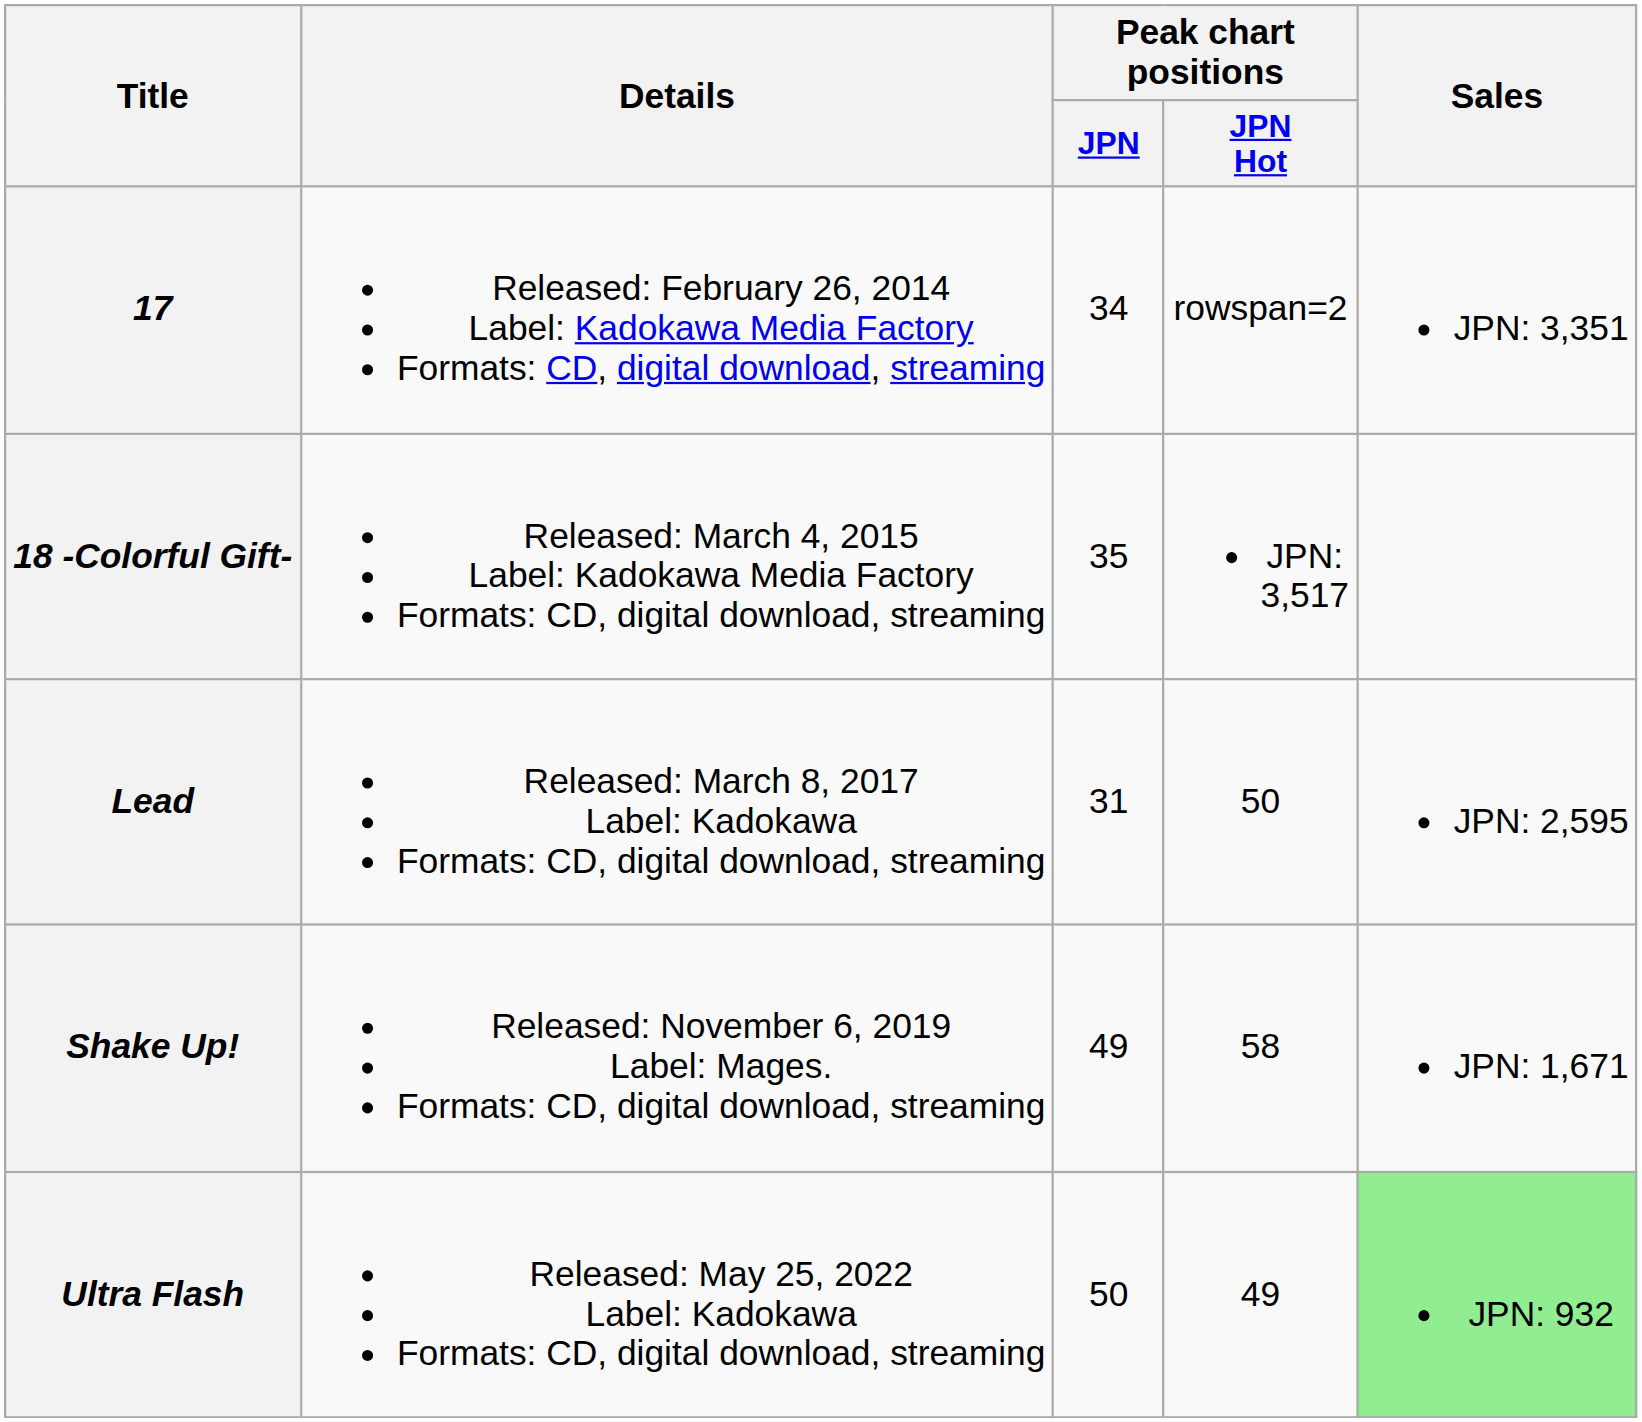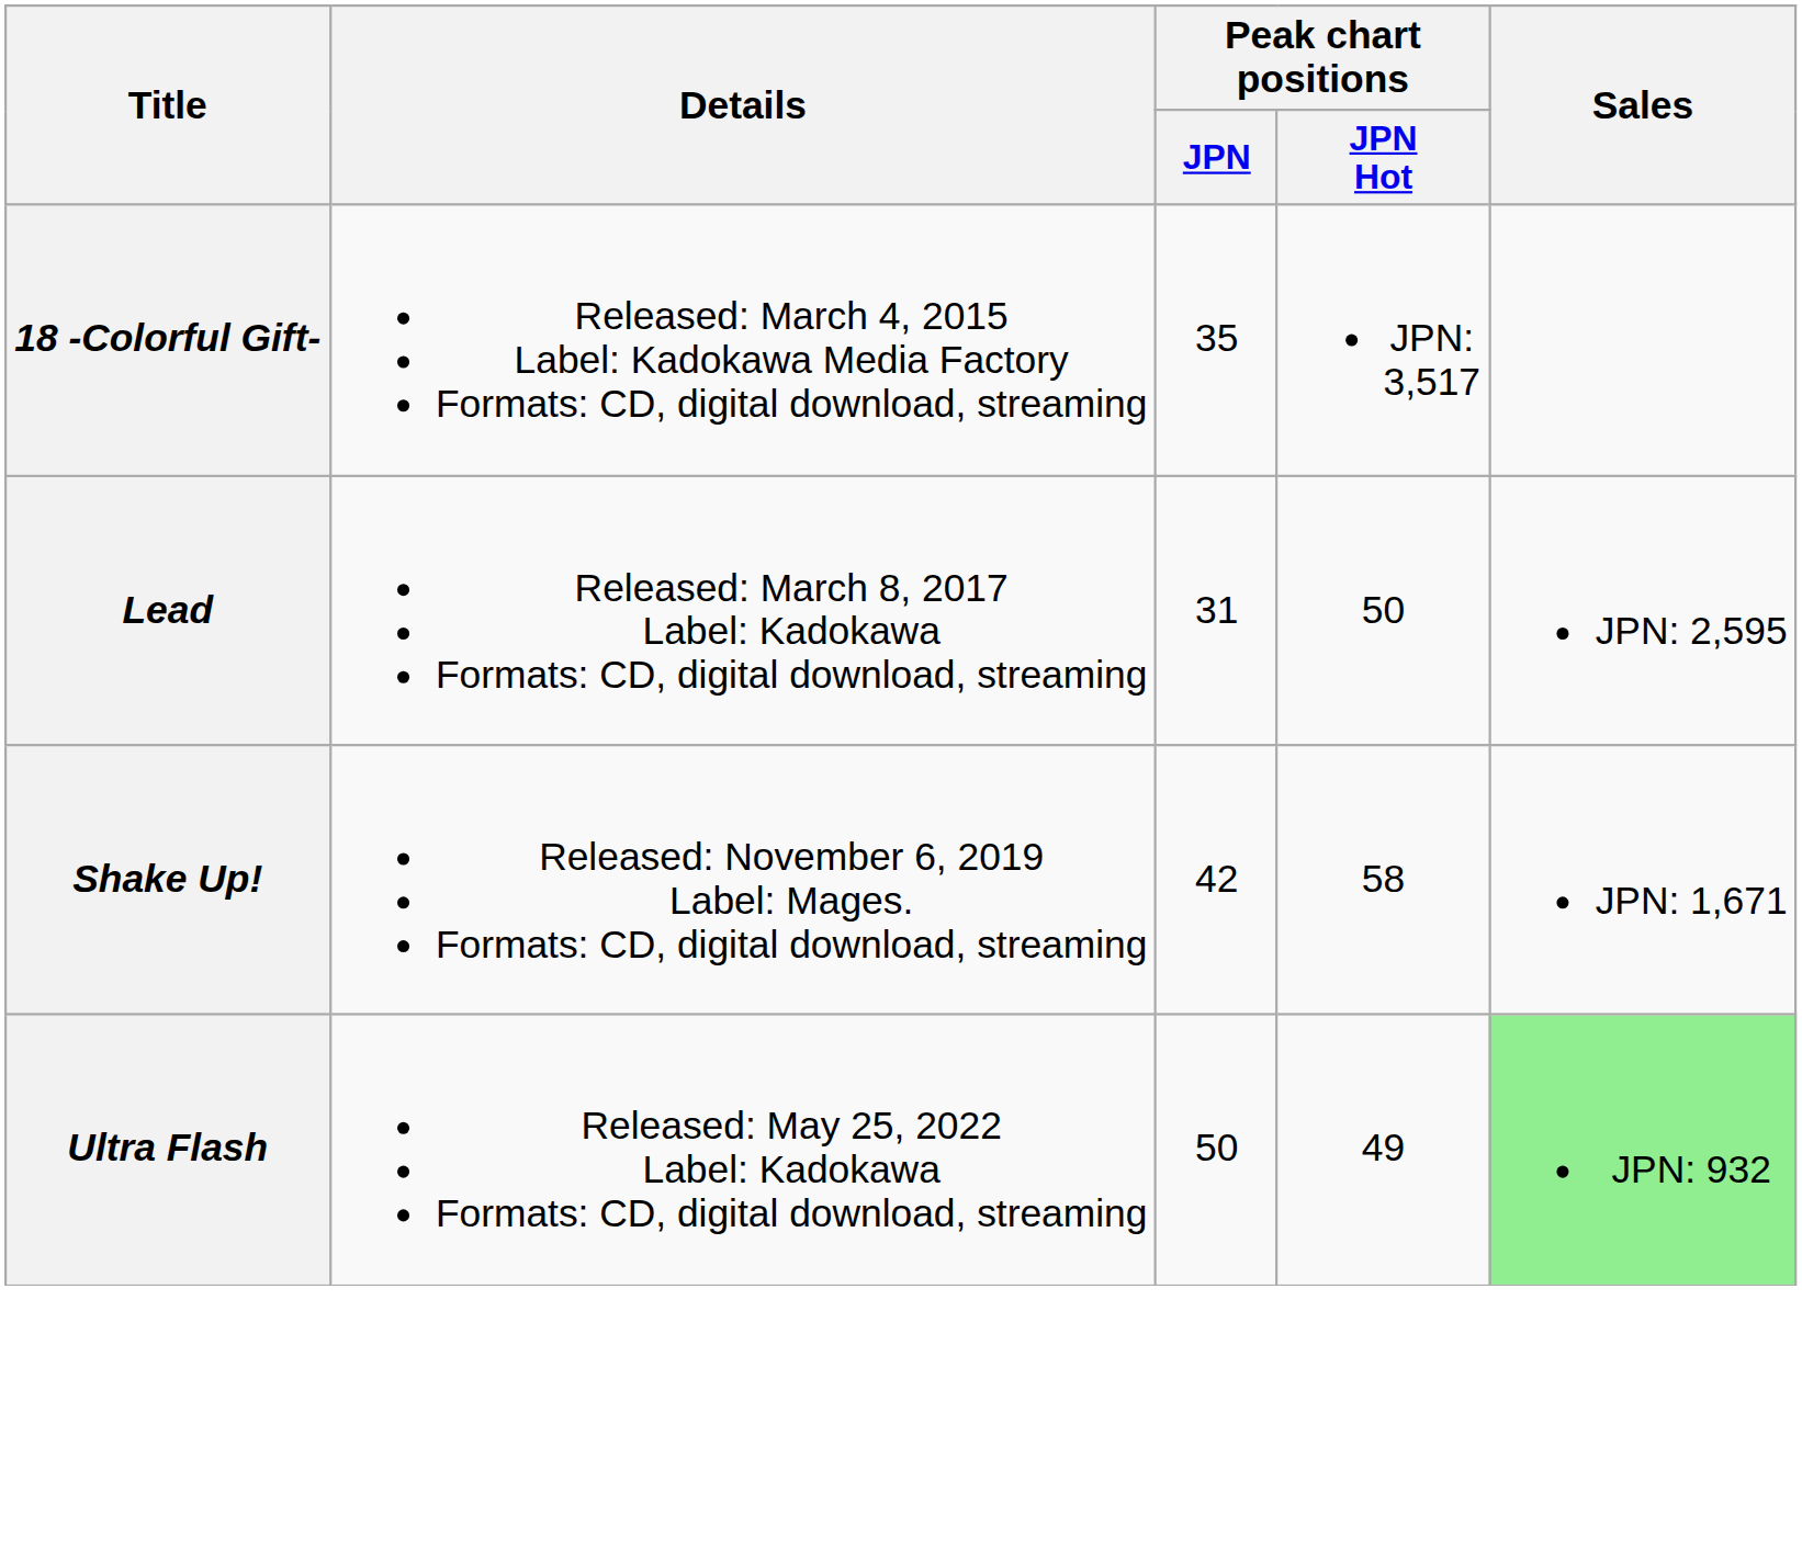 <table class="wikitable plainrowheaders" style="text-align:center;">
 <tr>
 <th scope="col" rowspan="2">Title</th>
 <th scope="col" rowspan="2">Details</th>
 <th scope="col" colspan="2">Peak chart positions</th>
 <th scope="col" rowspan="2">Sales</th>
 </tr>
 <tr>
 <th scope="col" style="width:3em;font-size:90%;"><a href='#'>JPN</a><br></th>
 <th scope="col" style="width:3em;font-size:90%;"><a href='#'>JPN<br>Hot</a><br></th>
-</tr>
-<tr>
-<th scope="row"><em>17</em></th>
-<td><br><ul><li>Released: February 26, 2014</li><li>Label: <a href='#'>Kadokawa Media Factory</a></li><li>Formats: <a href='#'>CD</a>, <a href='#'>digital download</a>, <a href='#'>streaming</a></li></ul></td>
-<td>34</td>
-<td>rowspan=2 </td>
-<td><br><ul><li>JPN: 3,351</li></ul></td>
 </tr>
 <tr>
 <th scope="row"><em>18 -Colorful Gift-</em></th>
 <td><br><ul><li>Released: March 4, 2015</li><li>Label: Kadokawa Media Factory</li><li>Formats: CD, digital download, streaming</li></ul></td>
 <td>35</td>
 <td><br><ul><li>JPN: 3,517</li></ul></td>
 </tr>
 <tr>
 <th scope="row"><em>Lead</em></th>
 <td><br><ul><li>Released: March 8, 2017</li><li>Label: Kadokawa</li><li>Formats: CD, digital download, streaming</li></ul></td>
 <td>31</td>
 <td>50</td>
 <td><br><ul><li>JPN: 2,595</li></ul></td>
 </tr>
 <tr>
 <th scope="row"><em>Shake Up!</em></th>
 <td><br><ul><li>Released: November 6, 2019</li><li>Label: Mages.</li><li>Formats: CD, digital download, streaming</li></ul></td>
-<td>49</td>
+<td>42</td>
 <td>58</td>
 <td><br><ul><li>JPN: 1,671</li></ul></td>
 </tr>
 <tr>
 <th scope="row"><em>Ultra Flash</em></th>
 <td><br><ul><li>Released: May 25, 2022</li><li>Label: Kadokawa</li><li>Formats: CD, digital download, streaming</li></ul></td>
 <td>50</td>
 <td>49</td>
 <td style="background: lightgreen;"><br><ul><li>JPN: 932</li></ul></td>
 </tr>
 </table>
